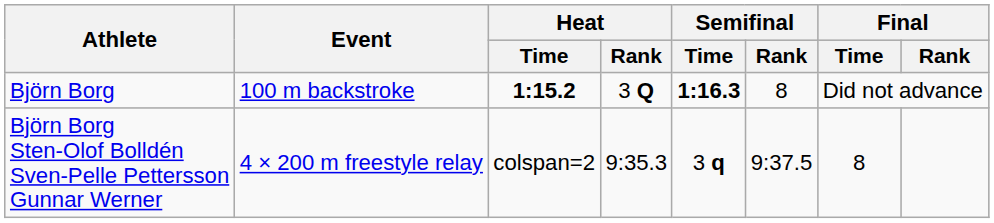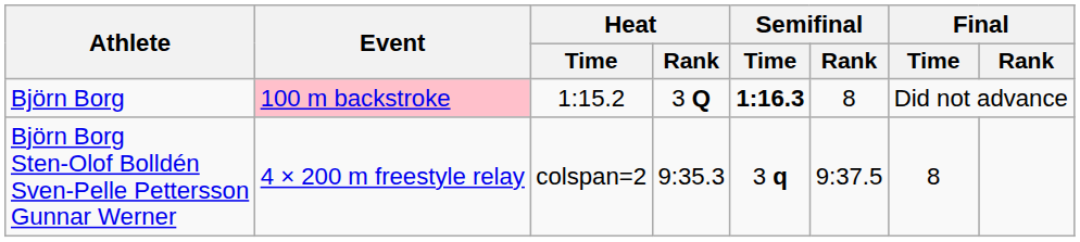 <table class=wikitable style="font-size:90%;">
 <tr>
 <th rowspan=2>Athlete</th>
 <th rowspan=2>Event</th>
 <th colspan=2>Heat</th>
 <th colspan=2>Semifinal</th>
 <th colspan=2>Final</th>
 </tr>
 <tr style="font-size:95%">
 <th>Time</th>
 <th>Rank</th>
 <th>Time</th>
 <th>Rank</th>
 <th>Time</th>
 <th>Rank</th>
 </tr>
 <tr align=center>
 <td align=left><a href='#'>Björn Borg</a></td>
-<td align=left><a href='#'>100 m backstroke</a></td>
-<td><strong>1:15.2</strong></td>
+<td align=left style="background: pink;"><a href='#'>100 m backstroke</a></td>
+<td>1:15.2</td>
 <td>3 <strong>Q</strong></td>
 <td><strong>1:16.3</strong></td>
 <td>8</td>
 <td colspan=2>Did not advance</td>
 </tr>
 <tr align=center>
 <td align=left><a href='#'>Björn Borg</a><br><a href='#'>Sten-Olof Bolldén</a><br><a href='#'>Sven-Pelle Pettersson</a><br><a href='#'>Gunnar Werner</a></td>
 <td align=left><a href='#'>4 × 200 m freestyle relay</a></td>
 <td>colspan=2 </td>
 <td>9:35.3</td>
 <td>3 <strong>q</strong></td>
 <td>9:37.5</td>
 <td>8</td>
 </tr>
 </table>
